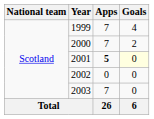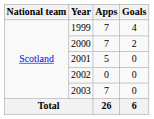 <table class="wikitable" style="text-align:center">
 <tr>
 <th>National team</th>
 <th>Year</th>
 <th>Apps</th>
 <th>Goals</th>
 </tr>
 <tr>
 <td rowspan="5"><a href='#'>Scotland</a></td>
 <td>1999</td>
 <td>7</td>
 <td>4</td>
 </tr>
 <tr>
 <td>2000</td>
 <td>7</td>
 <td>2</td>
 </tr>
 <tr>
 <td>2001</td>
-<td><strong>5</strong></td>
-<td style="background: lightyellow;">0</td>
+<td>5</td>
+<td>0</td>
 </tr>
 <tr>
 <td>2002</td>
 <td>0</td>
 <td>0</td>
 </tr>
 <tr>
 <td>2003</td>
 <td>7</td>
 <td>0</td>
 </tr>
 <tr>
 <th colspan="2">Total</th>
 <th>26</th>
 <th>6</th>
 </tr>
 </table>
